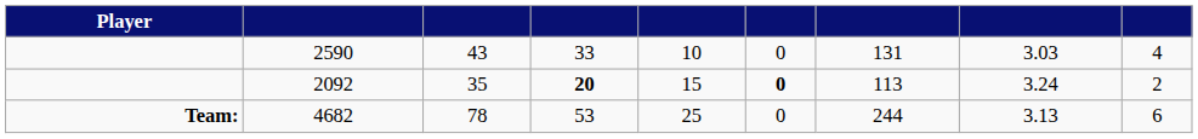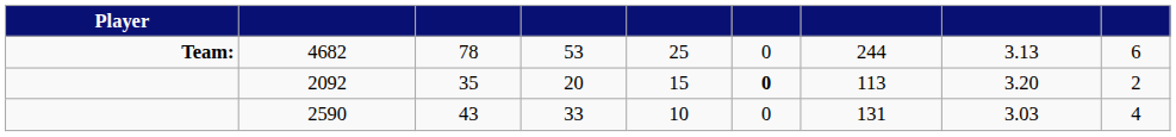 <table class="wikitable sortable" style="width:60%; text-align:center;">
 <tr>
 <th style="color:white; background:#081073; ">Player</th>
 <th style="color:white; background:#081073; "></th>
 <th style="color:white; background:#081073; "></th>
 <th style="color:white; background:#081073; "></th>
 <th style="color:white; background:#081073; "></th>
 <th style="color:white; background:#081073; "></th>
 <th style="color:white; background:#081073; "></th>
 <th style="color:white; background:#081073; "></th>
 <th style="color:white; background:#081073; "></th>
 </tr>
 <tr align="center">
+<td align="right"><strong>Team:</strong></td>
+<td>4682</td>
+<td>78</td>
+<td>53</td>
+<td>25</td>
+<td>0</td>
+<td>244</td>
+<td>3.13</td>
+<td>6</td>
+</tr>
+<tr align="center">
+<td align="right"></td>
+<td>2092</td>
+<td>35</td>
+<td>20</td>
+<td>15</td>
+<td><strong>0</strong></td>
+<td>113</td>
+<td>3.20</td>
+<td>2</td>
+</tr>
+<tr align="center">
 <td align="right"></td>
 <td>2590</td>
 <td>43</td>
 <td>33</td>
 <td>10</td>
 <td>0</td>
 <td>131</td>
 <td>3.03</td>
 <td>4</td>
 </tr>
-<tr align="center">
-<td align="right"></td>
-<td>2092</td>
-<td>35</td>
-<td><strong>20</strong></td>
-<td>15</td>
-<td><strong>0</strong></td>
-<td>113</td>
-<td>3.24</td>
-<td>2</td>
-</tr>
-<tr align="center">
-<td align="right"><strong>Team:</strong></td>
-<td>4682</td>
-<td>78</td>
-<td>53</td>
-<td>25</td>
-<td>0</td>
-<td>244</td>
-<td>3.13</td>
-<td>6</td>
-</tr>
 </table>
